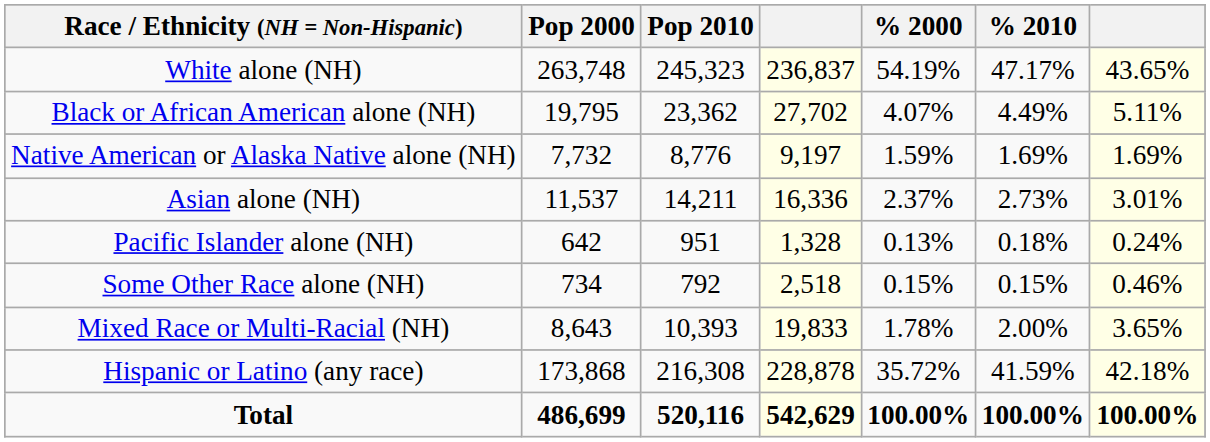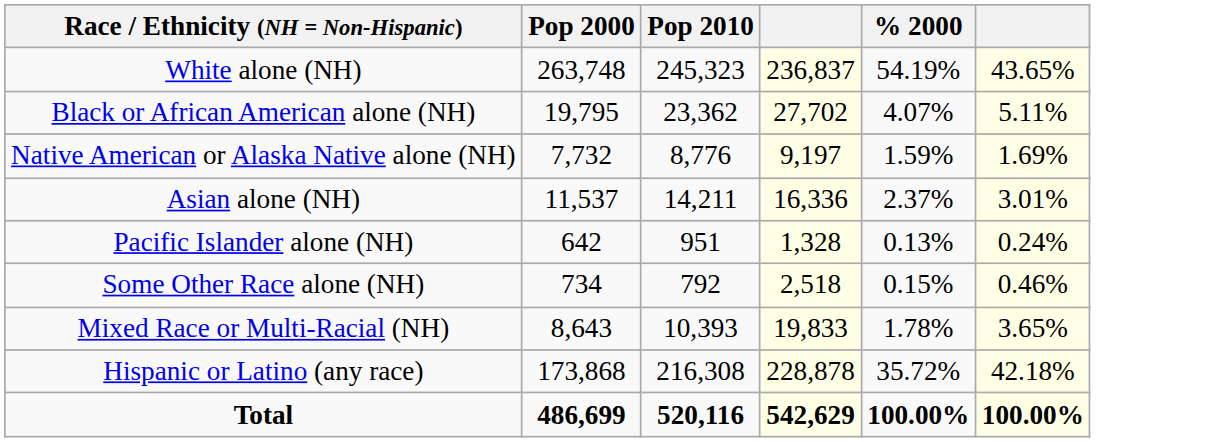 <table class="wikitable" style="text-align:center;">
 <tr>
 <th>Race / Ethnicity <small>(<em>NH = Non-Hispanic</em>)</small></th>
 <th>Pop 2000</th>
 <th>Pop 2010</th>
 <th></th>
 <th>% 2000</th>
-<th>% 2010</th>
 <th></th>
 </tr>
 <tr>
 <td><a href='#'>White</a> alone (NH)</td>
 <td>263,748</td>
 <td>245,323</td>
 <td style='background: #ffffe6;'>236,837</td>
 <td>54.19%</td>
-<td>47.17%</td>
 <td style='background: #ffffe6;'>43.65%</td>
 </tr>
 <tr>
 <td><a href='#'>Black or African American</a> alone (NH)</td>
 <td>19,795</td>
 <td>23,362</td>
 <td style='background: #ffffe6;'>27,702</td>
 <td>4.07%</td>
-<td>4.49%</td>
 <td style='background: #ffffe6;'>5.11%</td>
 </tr>
 <tr>
 <td><a href='#'>Native American</a> or <a href='#'>Alaska Native</a> alone (NH)</td>
 <td>7,732</td>
 <td>8,776</td>
 <td style='background: #ffffe6;'>9,197</td>
 <td>1.59%</td>
-<td>1.69%</td>
 <td style='background: #ffffe6;'>1.69%</td>
 </tr>
 <tr>
 <td><a href='#'>Asian</a> alone (NH)</td>
 <td>11,537</td>
 <td>14,211</td>
 <td style='background: #ffffe6;'>16,336</td>
 <td>2.37%</td>
-<td>2.73%</td>
 <td style='background: #ffffe6;'>3.01%</td>
 </tr>
 <tr>
 <td><a href='#'>Pacific Islander</a> alone (NH)</td>
 <td>642</td>
 <td>951</td>
 <td style='background: #ffffe6;'>1,328</td>
 <td>0.13%</td>
-<td>0.18%</td>
 <td style='background: #ffffe6;'>0.24%</td>
 </tr>
 <tr>
 <td><a href='#'>Some Other Race</a> alone (NH)</td>
 <td>734</td>
 <td>792</td>
 <td style='background: #ffffe6;'>2,518</td>
-<td>0.15%</td>
 <td>0.15%</td>
 <td style='background: #ffffe6;'>0.46%</td>
 </tr>
 <tr>
 <td><a href='#'>Mixed Race or Multi-Racial</a> (NH)</td>
 <td>8,643</td>
 <td>10,393</td>
 <td style='background: #ffffe6;'>19,833</td>
 <td>1.78%</td>
-<td>2.00%</td>
 <td style='background: #ffffe6;'>3.65%</td>
 </tr>
 <tr>
 <td><a href='#'>Hispanic or Latino</a> (any race)</td>
 <td>173,868</td>
 <td>216,308</td>
 <td style='background: #ffffe6;'>228,878</td>
 <td>35.72%</td>
-<td>41.59%</td>
 <td style='background: #ffffe6;'>42.18%</td>
 </tr>
 <tr>
 <td><strong>Total</strong></td>
 <td><strong>486,699</strong></td>
 <td><strong>520,116</strong></td>
 <td style='background: #ffffe6;'><strong>542,629</strong></td>
 <td><strong>100.00%</strong></td>
-<td><strong>100.00%</strong></td>
 <td style='background: #ffffe6;'><strong>100.00%</strong></td>
 </tr>
 </table>
